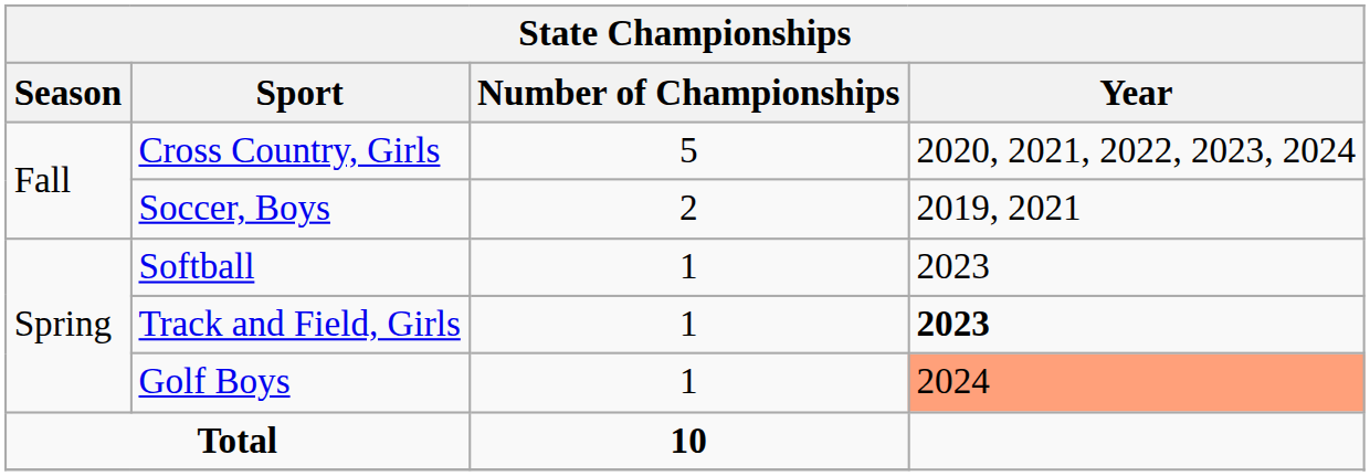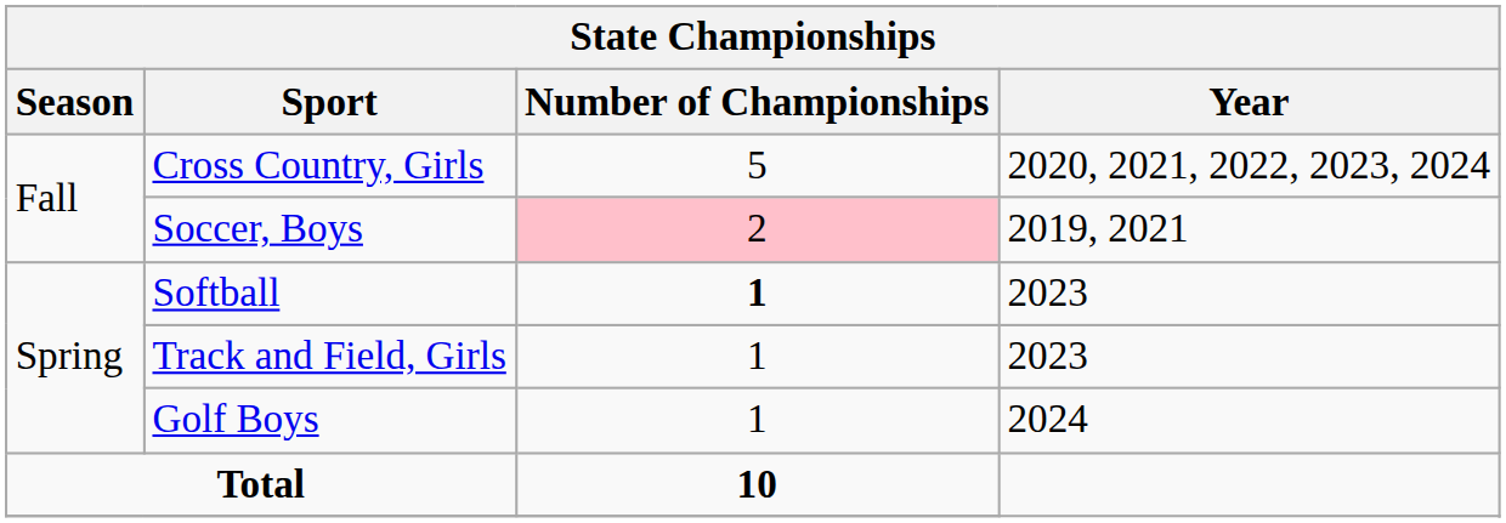 <table class="wikitable">
 <tr>
 <th colspan="4">State Championships</th>
 </tr>
 <tr>
 <th>Season</th>
 <th>Sport</th>
 <th>Number of Championships</th>
 <th>Year</th>
 </tr>
 <tr>
 <td rowspan="2">Fall</td>
 <td><a href='#'>Cross Country, Girls</a></td>
 <td align="center">5</td>
 <td>2020, 2021, 2022, 2023, 2024</td>
 </tr>
 <tr>
 <td><a href='#'>Soccer, Boys</a></td>
-<td align="center">2</td>
+<td align="center" style="background: pink;">2</td>
 <td>2019, 2021</td>
 </tr>
 <tr>
 <td rowspan="3">Spring</td>
 <td><a href='#'>Softball</a></td>
-<td align="center">1</td>
+<td align="center"><strong>1</strong></td>
 <td>2023</td>
 </tr>
 <tr>
 <td><a href='#'>Track and Field, Girls</a></td>
 <td align="center">1</td>
-<td><strong>2023</strong></td>
+<td>2023</td>
 </tr>
 <tr>
 <td><a href='#'>Golf Boys</a></td>
 <td align="center">1</td>
-<td style="background: lightsalmon;">2024</td>
+<td>2024</td>
 </tr>
 <tr>
 <td align="center" colspan="2"><strong>Total</strong></td>
 <td align="center"><strong>10</strong></td>
 </tr>
 <tr>
 </tr>
 </table>
